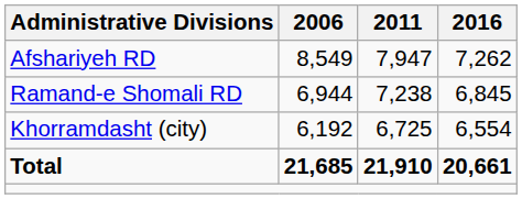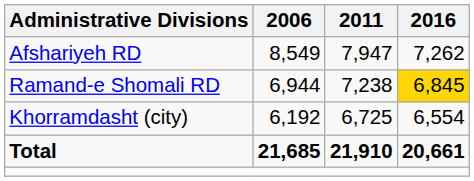 <table class="wikitable">
 <tr>
 <th>Administrative Divisions</th>
 <th>2006</th>
 <th>2011</th>
 <th>2016</th>
 </tr>
 <tr>
 <td><a href='#'>Afshariyeh RD</a></td>
 <td style="text-align: right;">8,549</td>
 <td style="text-align: right;">7,947</td>
 <td style="text-align: right;">7,262</td>
 </tr>
 <tr>
 <td><a href='#'>Ramand-e Shomali RD</a></td>
 <td style="text-align: right;">6,944</td>
 <td style="text-align: right;">7,238</td>
-<td style="text-align: right;">6,845</td>
+<td style="background: gold; text-align: right;">6,845</td>
 </tr>
 <tr>
 <td><a href='#'>Khorramdasht</a> (city)</td>
 <td style="text-align: right;">6,192</td>
 <td style="text-align: right;">6,725</td>
 <td style="text-align: right;">6,554</td>
 </tr>
 <tr>
 <td><strong>Total</strong></td>
 <td style="text-align: right;"><strong>21,685</strong></td>
 <td style="text-align: right;"><strong>21,910</strong></td>
 <td style="text-align: right;"><strong>20,661</strong></td>
 </tr>
 <tr>
 <td colspan=4></td>
 </tr>
 </table>
